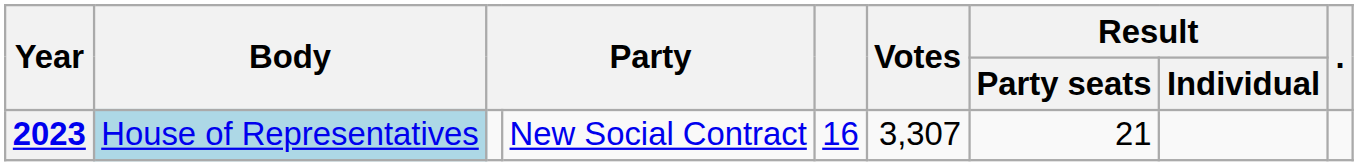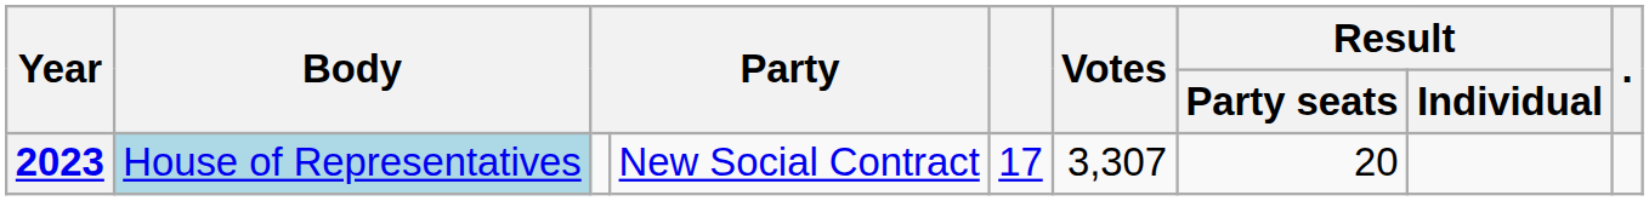 <table class="wikitable plainrowheaders sortable" border=2 cellpadding=4 cellspacing=0 style="border: 1px #aaa solid; font-size: 90%; text-align:center;">
 <tr>
 <th scope="col" rowspan=2>Year</th>
 <th scope="col" rowspan=2>Body</th>
 <th scope="col" colspan=2 rowspan=2>Party</th>
 <th scope="col" rowspan=2></th>
 <th scope="col" rowspan=2>Votes</th>
 <th scope="colgroup" colspan=2>Result</th>
 <th scope="col" rowspan=2 class="unsortable">.</th>
 </tr>
 <tr>
 <th scope="col">Party seats</th>
 <th scope="col">Individual</th>
 </tr>
 <tr>
 <th scope="row"><a href='#'>2023</a></th>
 <td style="background: lightblue;"><a href='#'>House of Representatives</a></td>
 <td style="background-color:"></td>
 <td><a href='#'>New Social Contract</a></td>
-<td style=text-align:right><a href='#'>16</a></td>
+<td style=text-align:right><a href='#'>17</a></td>
 <td style=text-align:right>3,307</td>
-<td style=text-align:right>21</td>
+<td style=text-align:right>20</td>
 <td></td>
 <td></td>
 </tr>
 </table>
